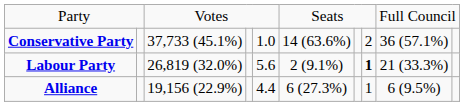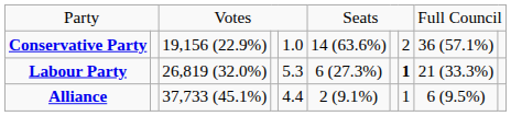 <table class=wikitable style="text-align:center;">
 <tr>
 <td colspan=2>Party</td>
 <td colspan=3>Votes</td>
 <td colspan=3>Seats</td>
 <td colspan=3>Full Council</td>
 </tr>
 <tr>
 <td><strong><a href='#'>Conservative Party</a></strong></td>
 <td style="background:"></td>
-<td>37,733 (45.1%)</td>
+<td>19,156 (22.9%)</td>
 <td></td>
 <td> 1.0</td>
 <td>14 (63.6%)</td>
 <td></td>
 <td> 2</td>
 <td>36 (57.1%)</td>
 <td></td>
 </tr>
 <tr>
 <td><strong><a href='#'>Labour Party</a></strong></td>
 <td style="background:"></td>
 <td>26,819 (32.0%)</td>
 <td></td>
-<td> 5.6</td>
-<td>2 (9.1%)</td>
+<td> 5.3</td>
+<td>6 (27.3%)</td>
 <td></td>
 <td><strong> 1</strong></td>
 <td>21 (33.3%)</td>
 <td></td>
 </tr>
 <tr>
 <td><strong><a href='#'>Alliance</a></strong></td>
 <td style="background:"></td>
-<td>19,156 (22.9%)</td>
+<td>37,733 (45.1%)</td>
 <td></td>
 <td> 4.4</td>
-<td>6 (27.3%)</td>
+<td>2 (9.1%)</td>
 <td></td>
 <td> 1</td>
 <td>6 (9.5%)</td>
 <td></td>
 </tr>
 </table>
